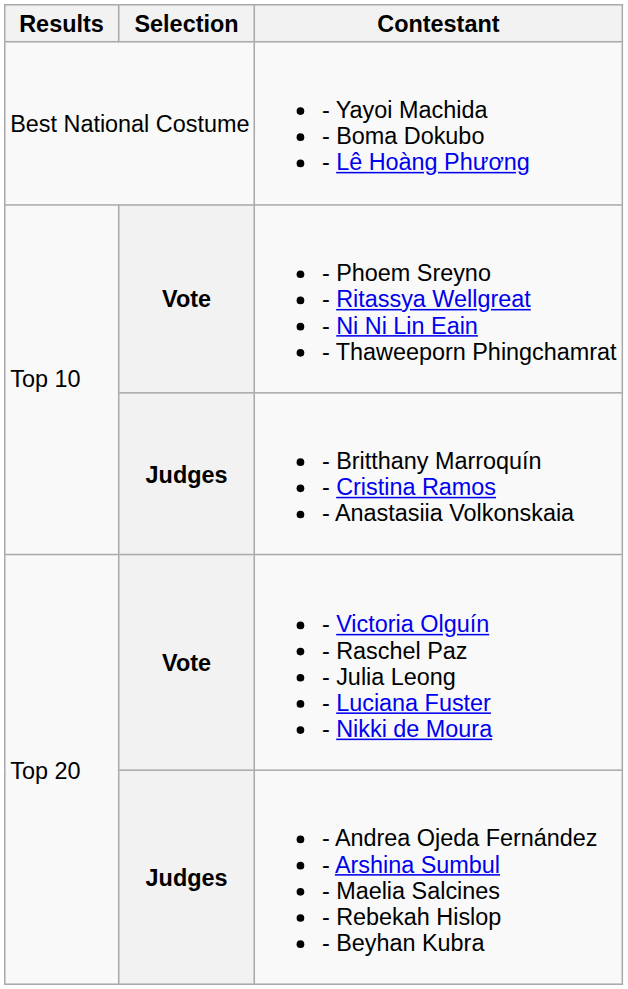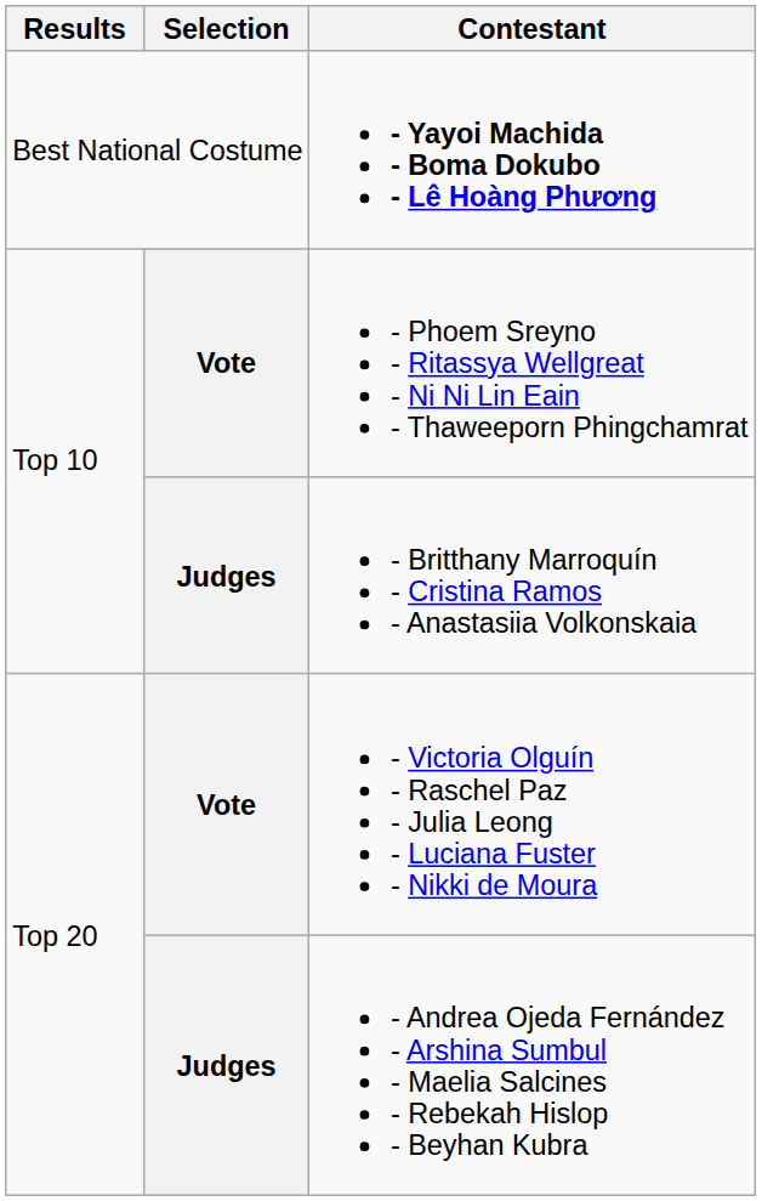 <table class="wikitable" style="font-size:95%;">
 <tr>
 <th>Results</th>
 <th>Selection</th>
 <th>Contestant</th>
 </tr>
 <tr>
 <td colspan="2">Best National Costume</td>
-<td><br><ul><li> - Yayoi Machida</li><li> - Boma Dokubo</li><li> - <a href='#'>Lê Hoàng Phương</a></li></ul></td>
+<td><strong><br><ul><li> - Yayoi Machida</li><li> - Boma Dokubo</li><li> - <a href='#'>Lê Hoàng Phương</a></li></ul></strong></td>
 </tr>
 <tr>
 <td rowspan="2">Top 10</td>
 <th>Vote</th>
 <td><br><ul><li> - Phoem Sreyno</li><li> - <a href='#'>Ritassya Wellgreat</a></li><li> - <a href='#'>Ni Ni Lin Eain</a></li><li> - Thaweeporn Phingchamrat</li></ul></td>
 </tr>
 <tr>
 <th>Judges</th>
 <td><br><ul><li> - Britthany Marroquín</li><li> - <a href='#'>Cristina Ramos</a></li><li> - Anastasiia Volkonskaia</li></ul></td>
 </tr>
 <tr>
 <td rowspan="2">Top 20</td>
 <th>Vote</th>
 <td><br><ul><li> - <a href='#'>Victoria Olguín</a></li><li> - Raschel Paz</li><li> - Julia Leong</li><li> - <a href='#'>Luciana Fuster</a></li><li> - <a href='#'>Nikki de Moura</a></li></ul></td>
 </tr>
 <tr>
 <th>Judges</th>
 <td><br><ul><li> - Andrea Ojeda Fernández</li><li> - <a href='#'>Arshina Sumbul</a></li><li> - Maelia Salcines</li><li> - Rebekah Hislop</li><li> - Beyhan Kubra</li></ul></td>
 </tr>
 </table>
